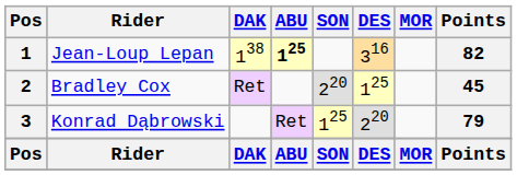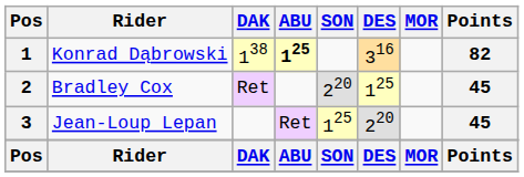 <table class="wikitable" style="font-size: 80%; text-align: center; display: inline-table;">
 <tr valign="top">
 <th valign="middle">Pos</th>
 <th valign="middle">Rider</th>
 <th><a href='#'>DAK</a><br></th>
 <th><a href='#'>ABU</a><br></th>
 <th><a href='#'>SON</a><br></th>
 <th><a href='#'>DES</a><br></th>
 <th><a href='#'>MOR</a><br></th>
 <th valign="middle">Points</th>
 </tr>
 <tr>
 <th>1</th>
-<td align=left> <a href='#'>Jean-Loup Lepan</a></td>
+<td align=left> <a href='#'>Konrad Dąbrowski</a></td>
 <td style="background:#ffffbf;">1<sup>38</sup></td>
 <td style="background:#ffffbf;"><strong>1<sup>25</sup></strong></td>
 <td></td>
 <td style="background:#ffdf9f;">3<sup>16</sup></td>
 <td></td>
 <th>82</th>
 </tr>
 <tr>
 <th>2</th>
 <td align=left> <a href='#'>Bradley Cox</a></td>
 <td style="background:#efcfff;">Ret</td>
 <td></td>
 <td style="background:#dfdfdf;">2<sup>20</sup></td>
 <td style="background:#ffffbf;">1<sup>25</sup></td>
 <td></td>
 <th>45</th>
 </tr>
 <tr>
 <th>3</th>
-<td align=left> <a href='#'>Konrad Dąbrowski</a></td>
+<td align=left> <a href='#'>Jean-Loup Lepan</a></td>
 <td></td>
 <td style="background:#efcfff;">Ret</td>
 <td style="background:#ffffbf;">1<sup>25</sup></td>
 <td style="background:#dfdfdf;">2<sup>20</sup></td>
 <td></td>
-<th>79</th>
+<th>45</th>
 </tr>
 <tr>
 </tr>
 <tr valign="top">
 <th valign="middle">Pos</th>
 <th valign="middle">Rider</th>
 <th><a href='#'>DAK</a><br></th>
 <th><a href='#'>ABU</a><br></th>
 <th><a href='#'>SON</a><br></th>
 <th><a href='#'>DES</a><br></th>
 <th><a href='#'>MOR</a><br></th>
 <th valign="middle">Points</th>
 </tr>
 <tr>
 </tr>
 </table>
